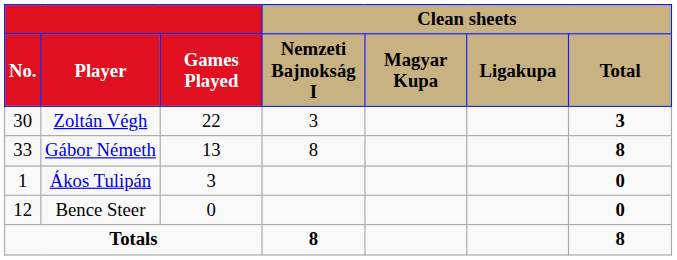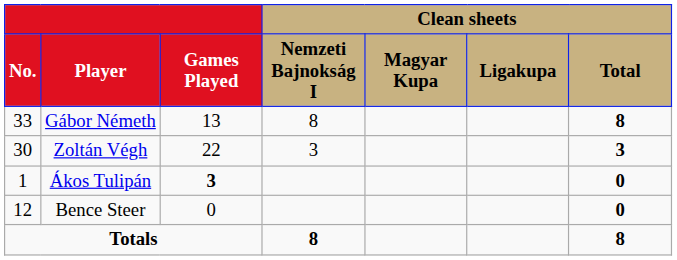 <table class="wikitable sortable alternance" style="text-align:center">
 <tr>
 <th colspan="3" style="background:#E01020;border:1px solid #0E22E9"></th>
 <th colspan="4" style="background:#C8B281;color:black;border:1px solid #0E22E9">Clean sheets</th>
 </tr>
 <tr>
 <th style="background-color:#E01020;color:white;border:1px solid #0E22E9">No.</th>
 <th style="background-color:#E01020;color:white;border:1px solid #0E22E9">Player</th>
 <th width=80 style="background-color:#E01020;color:white;border:1px solid #0E22E9">Games Played</th>
 <th width=80 style="background-color:#C8B281;color:black;border:1px solid #0E22E9">Nemzeti Bajnokság I</th>
 <th width=80 style="background-color:#C8B281;color:black;border:1px solid #0E22E9">Magyar Kupa</th>
 <th width=80 style="background-color:#C8B281;color:black;border:1px solid #0E22E9">Ligakupa</th>
 <th width=80 style="background-color:#C8B281;color:black;border:1px solid #0E22E9">Total</th>
 </tr>
 <tr>
+<td>33</td>
+<td> <a href='#'>Gábor Németh</a></td>
+<td>13</td>
+<td>8</td>
+<td></td>
+<td></td>
+<td><strong>8</strong></td>
+</tr>
+<tr>
 <td>30</td>
 <td> <a href='#'>Zoltán Végh</a></td>
 <td>22</td>
 <td>3</td>
 <td></td>
 <td></td>
 <td><strong>3</strong></td>
 </tr>
 <tr>
-<td>33</td>
-<td> <a href='#'>Gábor Németh</a></td>
-<td>13</td>
-<td>8</td>
-<td></td>
-<td></td>
-<td><strong>8</strong></td>
-</tr>
-<tr>
 <td>1</td>
 <td> <a href='#'>Ákos Tulipán</a></td>
-<td>3</td>
+<td><strong>3</strong></td>
 <td></td>
 <td></td>
 <td></td>
 <td><strong>0</strong></td>
 </tr>
 <tr>
 <td>12</td>
 <td> Bence Steer</td>
 <td>0</td>
 <td></td>
 <td></td>
 <td></td>
 <td><strong>0</strong></td>
 </tr>
 <tr class="sortbottom">
 <td colspan="3"><strong>Totals</strong></td>
 <td><strong>8</strong></td>
 <td></td>
 <td></td>
 <td><strong>8</strong></td>
 </tr>
 </table>
